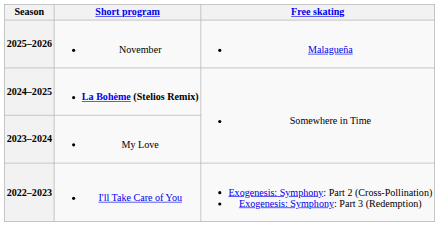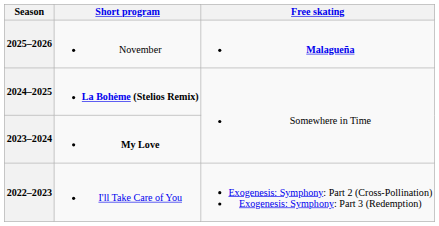 <table class=wikitable style=text-align:center>
 <tr>
 <th>Season</th>
 <th><a href='#'>Short program</a></th>
 <th><a href='#'>Free skating</a></th>
 </tr>
 <tr>
 <th>2025–2026<br></th>
 <td><br><ul><li>November <br> </li></ul></td>
-<td><br><ul><li><a href='#'>Malagueña</a> <br> </li></ul></td>
+<td><strong><br><ul><li><a href='#'>Malagueña</a> <br> </li></ul></strong></td>
 </tr>
 <tr>
 <th>2024–2025<br></th>
 <td><strong><br><ul><li><a href='#'>La Bohème</a> (Stelios Remix)<br> </li></ul></strong></td>
 <td rowspan=2><br><ul><li>Somewhere in Time<br> </li></ul></td>
 </tr>
 <tr>
 <th>2023–2024<br></th>
-<td><br><ul><li>My Love <br> </li></ul></td>
+<td><strong><br><ul><li>My Love <br> </li></ul></strong></td>
 </tr>
 <tr>
 <th>2022–2023<br></th>
 <td><br><ul><li><a href='#'>I'll Take Care of You</a> <br> </li></ul></td>
 <td><br><ul><li><a href='#'>Exogenesis: Symphony</a>: Part 2 (Cross-Pollination)</li><li><a href='#'>Exogenesis: Symphony</a>: Part 3 (Redemption)<br></li></ul></td>
 </tr>
 </table>
